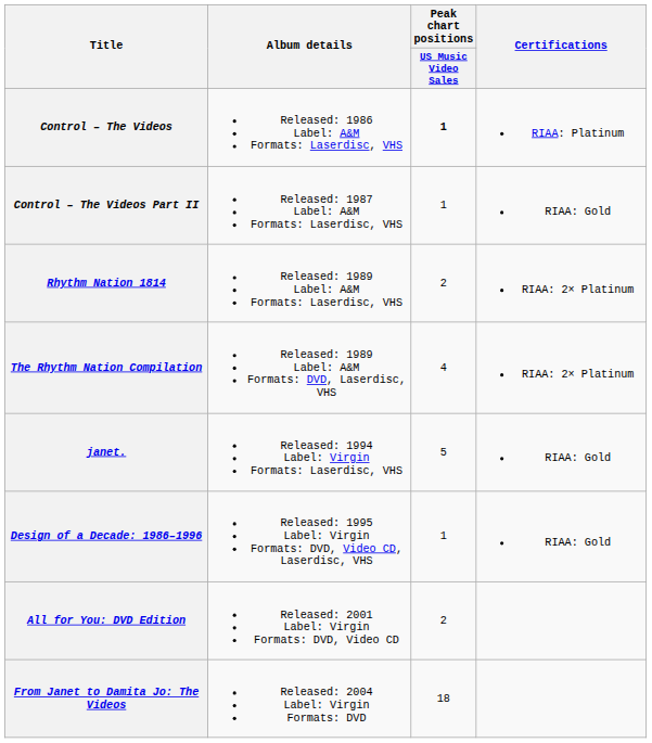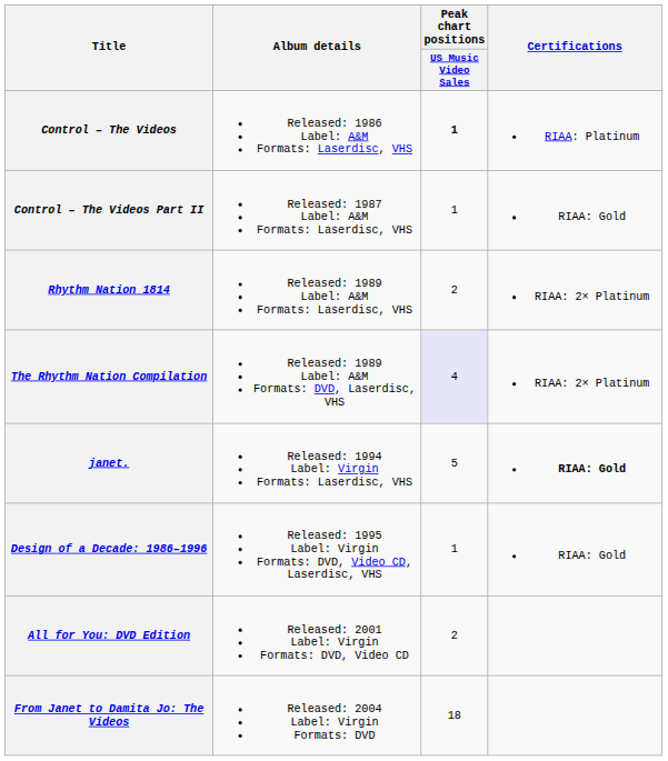 <table class="wikitable plainrowheaders" style="text-align:center;">
 <tr>
 <th scope="col" rowspan="2" style="width:18em;">Title</th>
 <th scope="col" rowspan="2" style="width:18em;">Album details</th>
 <th scope="col" colspan="1">Peak chart positions</th>
 <th scope="col" rowspan="2" style="width:15em;"><a href='#'>Certifications</a></th>
 </tr>
 <tr>
 <th ! scope="col" style="width:2.5em;font-size:90%;"><a href='#'>US Music Video Sales</a><br></th>
 </tr>
 <tr>
 <th scope="row"><em>Control – The Videos</em></th>
 <td><br><ul><li>Released: 1986</li><li>Label: <a href='#'>A&M</a></li><li>Formats: <a href='#'>Laserdisc</a>, <a href='#'>VHS</a></li></ul></td>
 <td><strong>1</strong></td>
 <td><br><ul><li><a href='#'>RIAA</a>: Platinum</li></ul></td>
 </tr>
 <tr>
 <th scope="row"><em>Control – The Videos Part II</em></th>
 <td><br><ul><li>Released: 1987</li><li>Label: A&M</li><li>Formats: Laserdisc, VHS</li></ul></td>
 <td>1</td>
 <td><br><ul><li>RIAA: Gold</li></ul></td>
 </tr>
 <tr>
 <th scope="row"><em><a href='#'>Rhythm Nation 1814</a></em></th>
 <td><br><ul><li>Released: 1989</li><li>Label: A&M</li><li>Formats: Laserdisc, VHS</li></ul></td>
 <td>2</td>
 <td><br><ul><li>RIAA: 2× Platinum</li></ul></td>
 </tr>
 <tr>
 <th scope="row"><em><a href='#'>The Rhythm Nation Compilation</a></em></th>
 <td><br><ul><li>Released: 1989</li><li>Label: A&M</li><li>Formats: <a href='#'>DVD</a>, Laserdisc, VHS</li></ul></td>
-<td>4</td>
+<td style="background: lavender;">4</td>
 <td><br><ul><li>RIAA: 2× Platinum</li></ul></td>
 </tr>
 <tr>
 <th scope="row"><em><a href='#'>janet.</a></em></th>
 <td><br><ul><li>Released: 1994</li><li>Label: <a href='#'>Virgin</a></li><li>Formats: Laserdisc, VHS</li></ul></td>
 <td>5</td>
-<td><br><ul><li>RIAA: Gold</li></ul></td>
+<td><strong><br><ul><li>RIAA: Gold</li></ul></strong></td>
 </tr>
 <tr>
 <th scope="row"><em><a href='#'>Design of a Decade: 1986–1996</a></em></th>
 <td><br><ul><li>Released: 1995</li><li>Label: Virgin</li><li>Formats: DVD, <a href='#'>Video CD</a>, Laserdisc, VHS</li></ul></td>
 <td>1</td>
 <td><br><ul><li>RIAA: Gold</li></ul></td>
 </tr>
 <tr>
 <th scope="row"><em><a href='#'>All for You: DVD Edition</a></em></th>
 <td><br><ul><li>Released: 2001</li><li>Label: Virgin</li><li>Formats: DVD, Video CD</li></ul></td>
 <td>2</td>
 <td></td>
 </tr>
 <tr>
 <th scope="row"><em><a href='#'>From Janet to Damita Jo: The Videos</a></em></th>
 <td><br><ul><li>Released: 2004</li><li>Label: Virgin</li><li>Formats: DVD</li></ul></td>
 <td>18</td>
 <td></td>
 </tr>
 </table>
